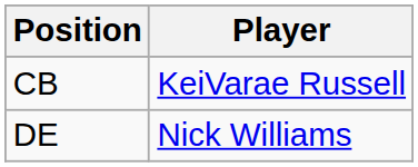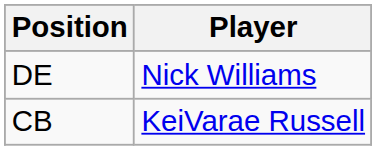 <table class="wikitable">
 <tr>
 <th>Position</th>
 <th>Player</th>
 </tr>
 <tr>
+<td>DE</td>
+<td><a href='#'>Nick Williams</a></td>
+</tr>
+<tr>
 <td>CB</td>
 <td><a href='#'>KeiVarae Russell</a></td>
 </tr>
-<tr>
-<td>DE</td>
-<td><a href='#'>Nick Williams</a></td>
-</tr>
 </table>
